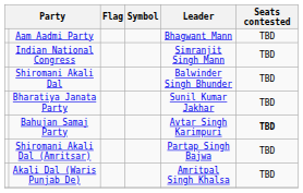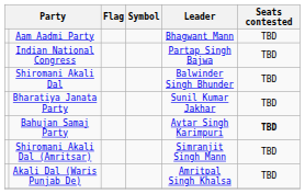 <table class="wikitable" width="50%" style="text-align:center;">
 <tr>
 <th colspan="2">Party</th>
 <th>Flag</th>
 <th>Symbol</th>
 <th>Leader</th>
 <th>Seats contested</th>
 </tr>
 <tr>
 <td></td>
 <td><a href='#'>Aam Aadmi Party</a></td>
 <td></td>
 <td></td>
 <td><a href='#'>Bhagwant Mann</a></td>
 <td>TBD</td>
 </tr>
 <tr>
 <td></td>
 <td><a href='#'>Indian National Congress</a></td>
 <td></td>
 <td></td>
-<td><a href='#'>Simranjit Singh Mann</a></td>
+<td><a href='#'>Partap Singh Bajwa</a></td>
 <td>TBD</td>
 </tr>
 <tr>
 <td></td>
 <td><a href='#'>Shiromani Akali Dal</a></td>
 <td></td>
 <td></td>
 <td><a href='#'>Balwinder Singh Bhunder</a></td>
 <td>TBD</td>
 </tr>
 <tr>
 <td></td>
 <td><a href='#'>Bharatiya Janata Party</a></td>
 <td></td>
 <td></td>
 <td><a href='#'>Sunil Kumar Jakhar</a></td>
 <td>TBD</td>
 </tr>
 <tr>
 <td></td>
 <td><a href='#'>Bahujan Samaj Party</a></td>
 <td></td>
 <td></td>
 <td><a href='#'>Avtar Singh Karimpuri</a></td>
 <td><strong>TBD</strong></td>
 </tr>
 <tr>
 <td></td>
 <td><a href='#'>Shiromani Akali Dal (Amritsar)</a></td>
 <td></td>
 <td></td>
-<td><a href='#'>Partap Singh Bajwa</a></td>
+<td><a href='#'>Simranjit Singh Mann</a></td>
 <td>TBD</td>
 </tr>
 <tr>
 <td></td>
 <td><a href='#'>Akali Dal (Waris Punjab De)</a></td>
 <td></td>
 <td></td>
 <td><a href='#'>Amritpal Singh Khalsa</a></td>
 <td>TBD</td>
 </tr>
 <tr>
 </tr>
 </table>
